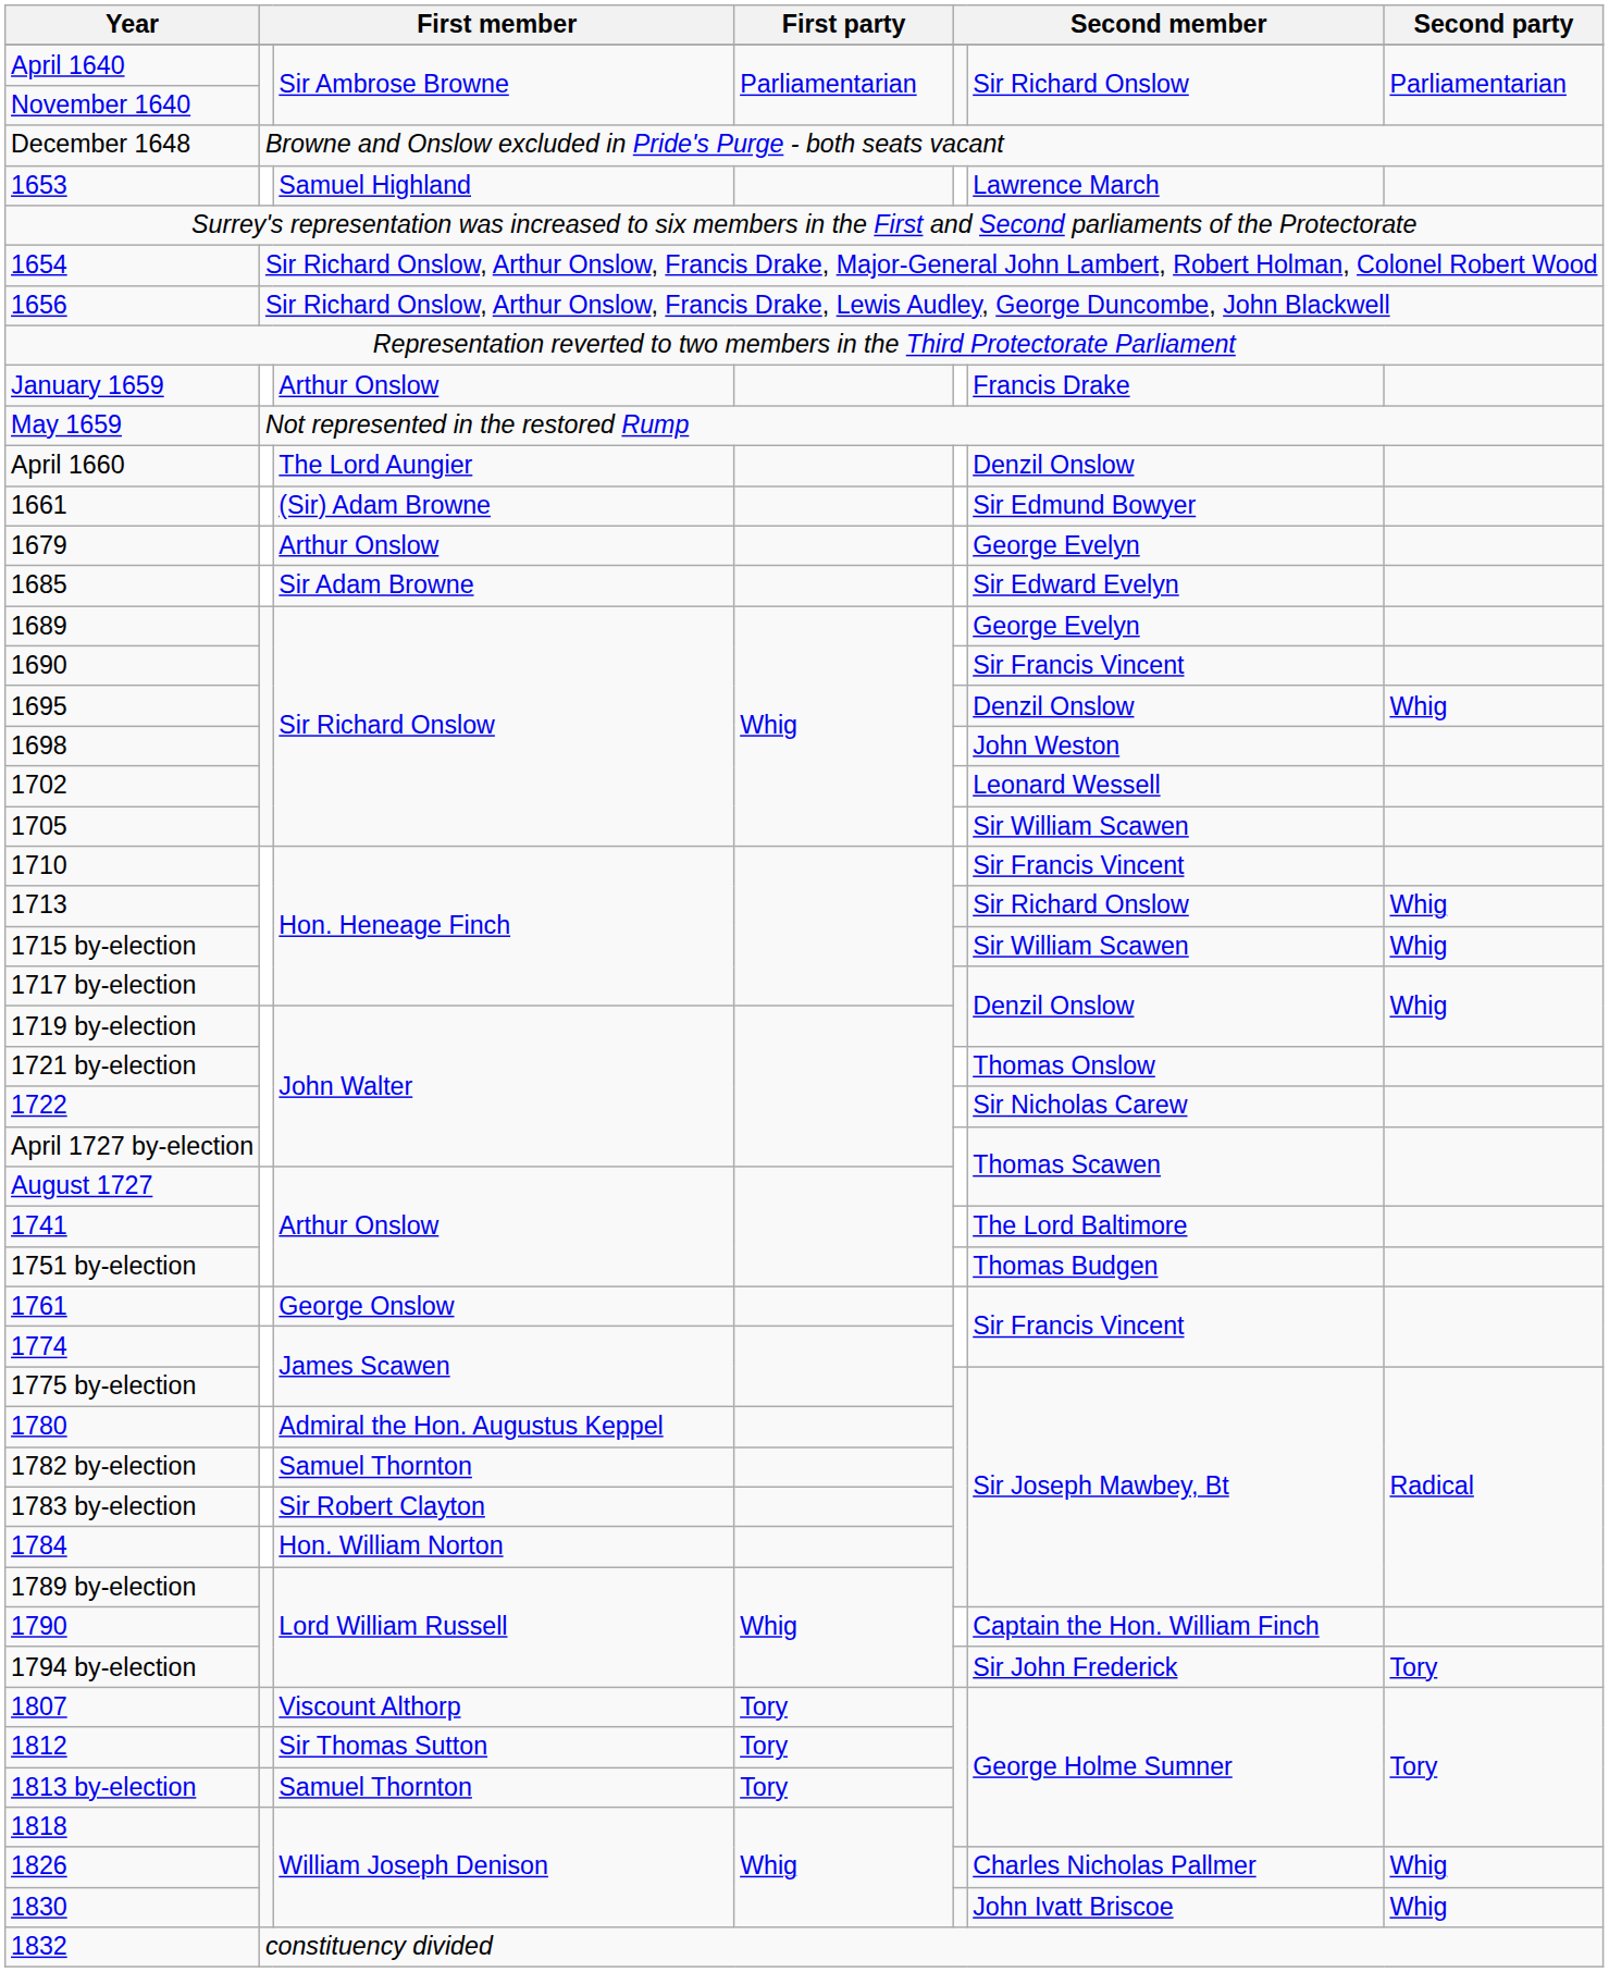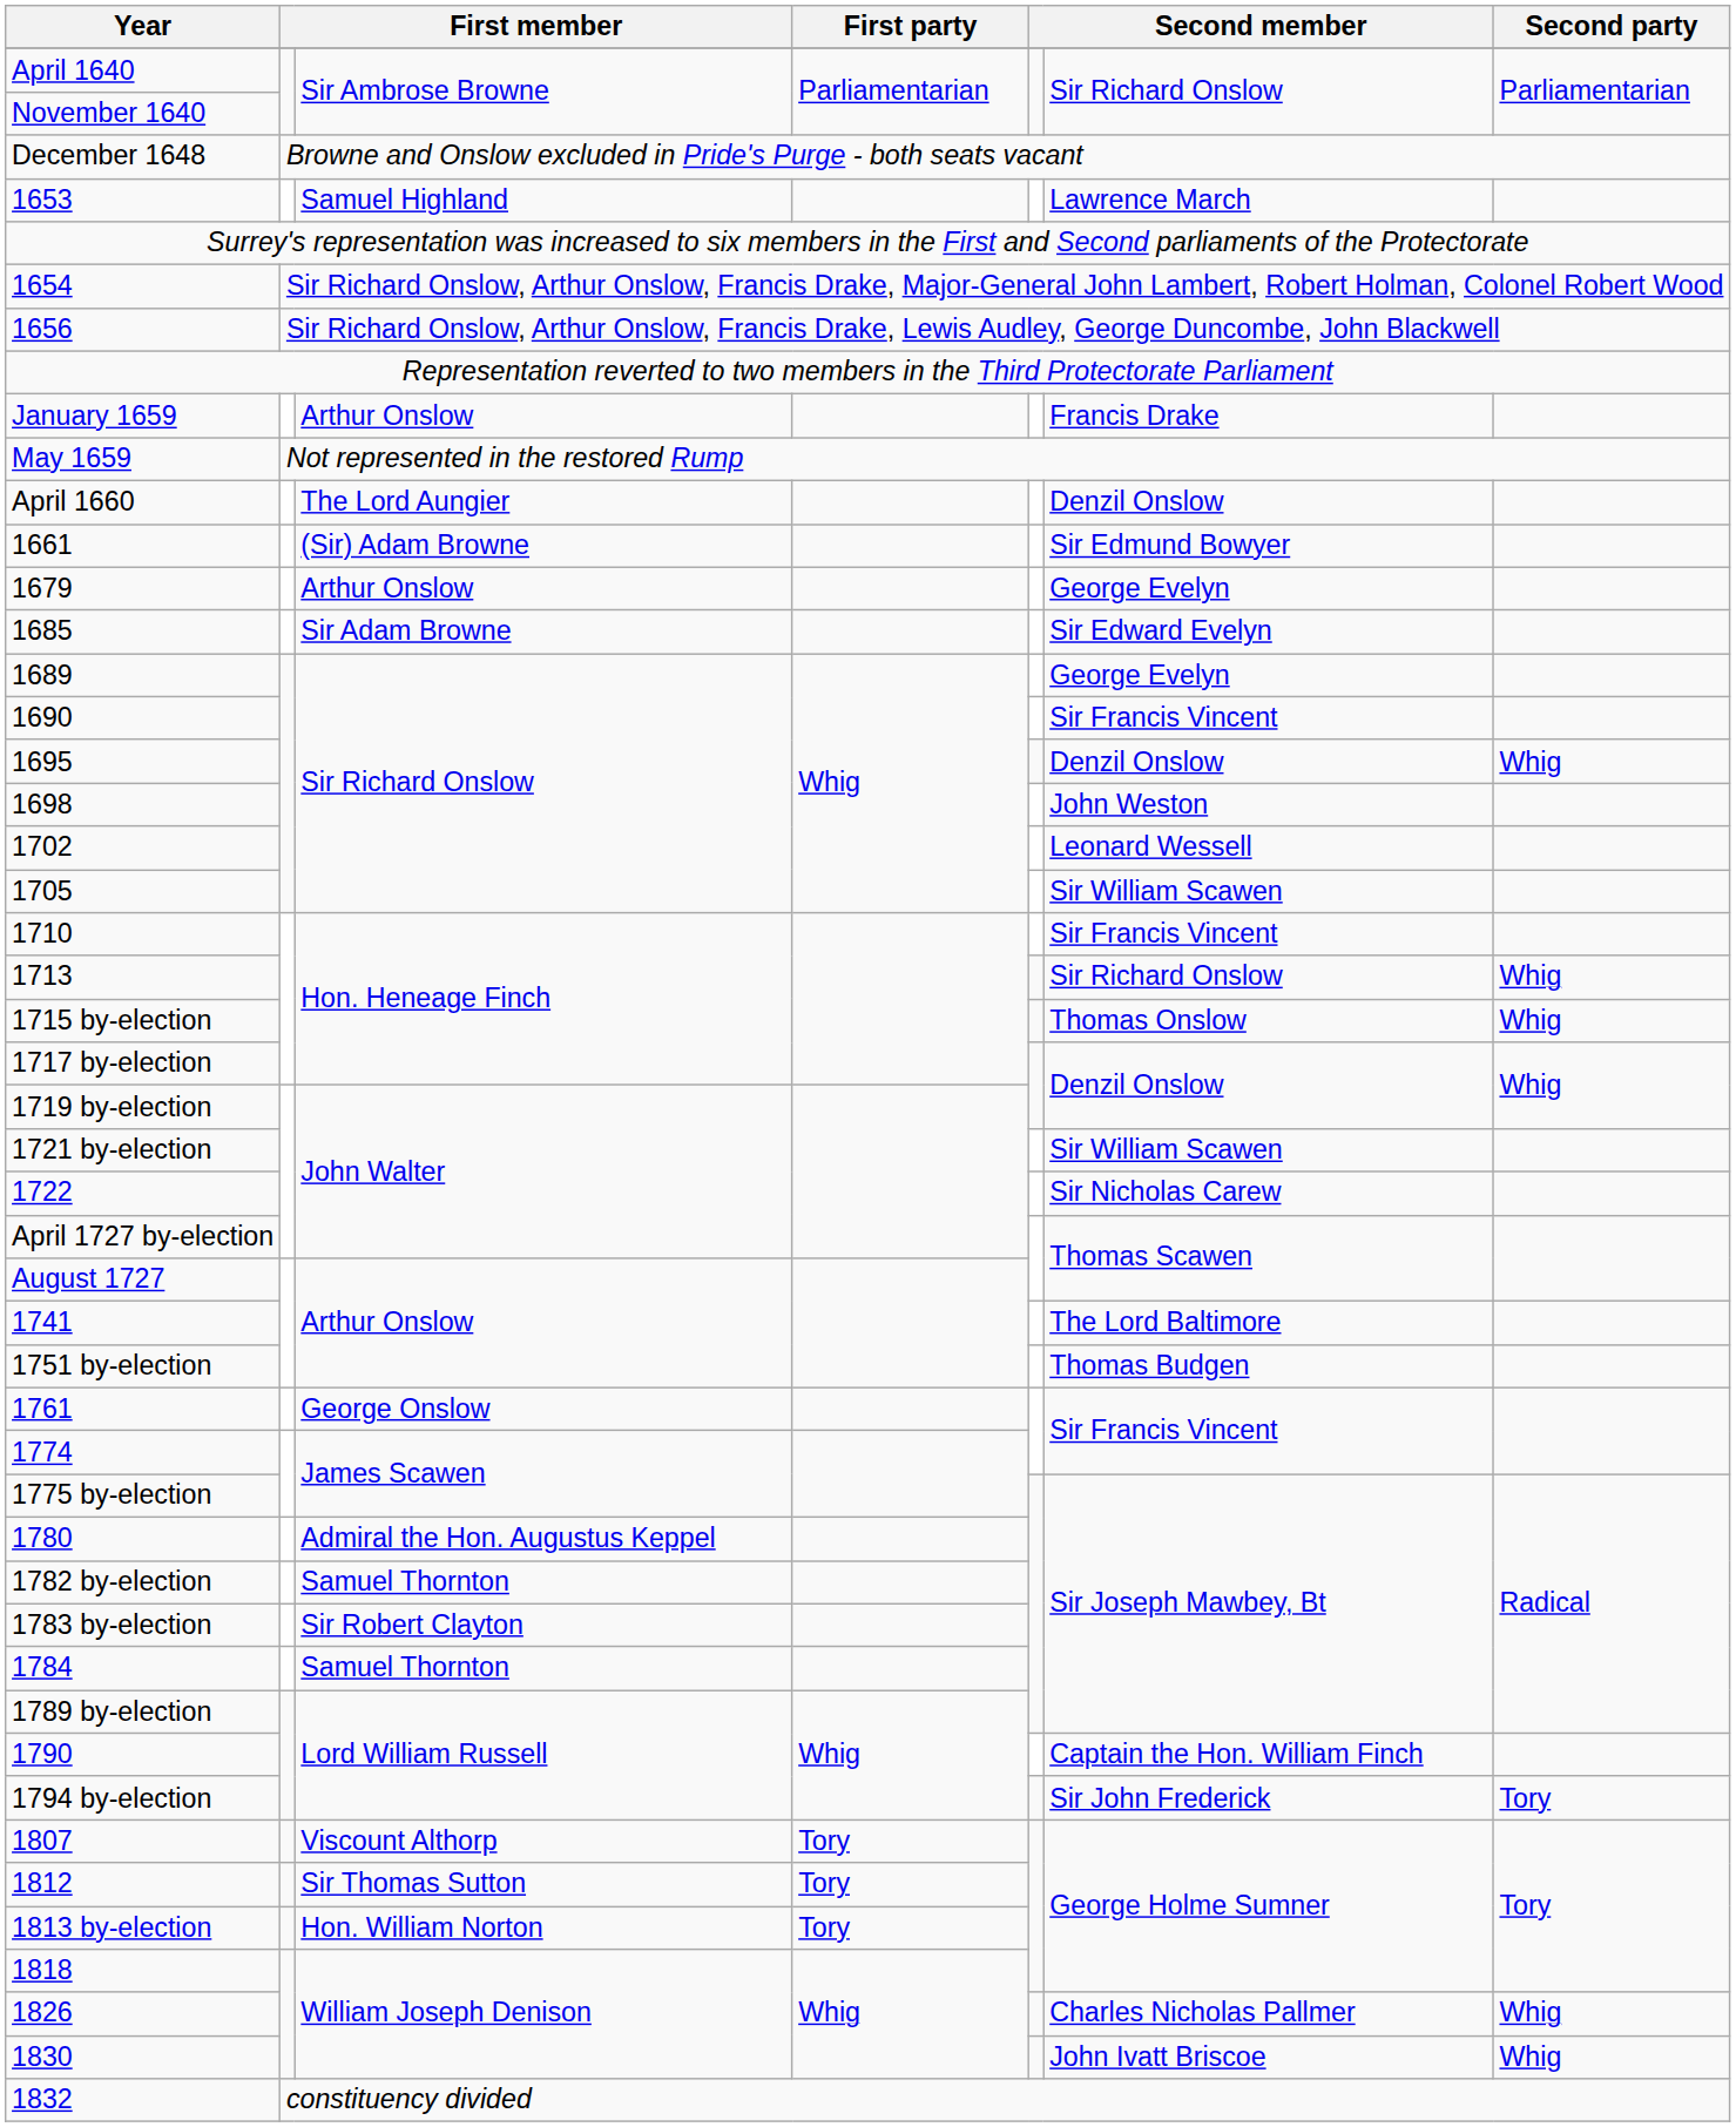 <table class="wikitable">
 <tr>
 <th>Year</th>
 <th colspan="2">First member</th>
 <th>First party</th>
 <th colspan="2">Second member</th>
 <th>Second party</th>
 </tr>
 <tr>
 </tr>
 <tr>
 <td><a href='#'>April 1640</a></td>
 <td rowspan="2" style="color:inherit;background-color: "></td>
 <td rowspan="2"><a href='#'>Sir Ambrose Browne</a></td>
 <td rowspan="2"><a href='#'>Parliamentarian</a></td>
 <td rowspan="2" style="color:inherit;background-color: "></td>
 <td rowspan="2"><a href='#'>Sir Richard Onslow</a></td>
 <td rowspan="2"><a href='#'>Parliamentarian</a></td>
 </tr>
 <tr>
 <td><a href='#'>November 1640</a></td>
 </tr>
 <tr>
 <td>December 1648</td>
 <td colspan="6"><em>Browne and Onslow excluded in <a href='#'>Pride's Purge</a> - both seats vacant</em></td>
 </tr>
 <tr>
 <td><a href='#'>1653</a></td>
 <td style="color:inherit;background-color: white"></td>
 <td><a href='#'>Samuel Highland</a></td>
 <td></td>
 <td style="color:inherit;background-color: white"></td>
 <td><a href='#'>Lawrence March</a></td>
 <td></td>
 </tr>
 <tr>
 <td colspan="7" align="center"><em>Surrey's representation was increased to six members in the <a href='#'>First</a> and <a href='#'>Second</a> parliaments of the Protectorate</em></td>
 </tr>
 <tr>
 <td><a href='#'>1654</a></td>
 <td colspan="6"><a href='#'>Sir Richard Onslow</a>, <a href='#'>Arthur Onslow</a>, <a href='#'>Francis Drake</a>, <a href='#'>Major-General John Lambert</a>, <a href='#'>Robert Holman</a>, <a href='#'>Colonel Robert Wood</a></td>
 </tr>
 <tr>
 <td><a href='#'>1656</a></td>
 <td colspan="6"><a href='#'>Sir Richard Onslow</a>, <a href='#'>Arthur Onslow</a>, <a href='#'>Francis Drake</a>, <a href='#'>Lewis Audley</a>, <a href='#'>George Duncombe</a>, <a href='#'>John Blackwell</a></td>
 </tr>
 <tr>
 <td colspan="7" align="center"><em>Representation reverted to two members in the <a href='#'>Third Protectorate Parliament</a></em></td>
 </tr>
 <tr>
 <td><a href='#'>January 1659</a></td>
 <td style="color:inherit;background-color: white"></td>
 <td><a href='#'>Arthur Onslow</a></td>
 <td></td>
 <td style="color:inherit;background-color: white"></td>
 <td><a href='#'>Francis Drake</a></td>
 <td></td>
 </tr>
 <tr>
 <td><a href='#'>May 1659</a></td>
 <td colspan="6"><em>Not represented in the restored <a href='#'>Rump</a></em></td>
 </tr>
 <tr>
 <td>April 1660</td>
 <td style="color:inherit;background-color: white"></td>
 <td><a href='#'>The Lord Aungier</a></td>
 <td></td>
 <td style="color:inherit;background-color: white"></td>
 <td><a href='#'>Denzil Onslow</a></td>
 <td></td>
 </tr>
 <tr>
 <td>1661</td>
 <td style="color:inherit;background-color: white"></td>
 <td><a href='#'>(Sir) Adam Browne</a></td>
 <td></td>
 <td style="color:inherit;background-color: white"></td>
 <td><a href='#'>Sir Edmund Bowyer</a></td>
 <td></td>
 </tr>
 <tr>
 <td>1679</td>
 <td style="color:inherit;background-color: white"></td>
 <td><a href='#'>Arthur Onslow</a></td>
 <td></td>
 <td style="color:inherit;background-color: white"></td>
 <td><a href='#'>George Evelyn</a></td>
 <td></td>
 </tr>
 <tr>
 <td>1685</td>
 <td style="color:inherit;background-color: white"></td>
 <td><a href='#'>Sir Adam Browne</a></td>
 <td></td>
 <td style="color:inherit;background-color: white"></td>
 <td><a href='#'>Sir Edward Evelyn</a></td>
 <td></td>
 </tr>
 <tr>
 <td>1689</td>
 <td rowspan="6" style="color:inherit;background-color: "></td>
 <td rowspan="6"><a href='#'>Sir Richard Onslow</a></td>
 <td rowspan="6"><a href='#'>Whig</a></td>
 <td style="color:inherit;background-color: white"></td>
 <td><a href='#'>George Evelyn</a></td>
 <td></td>
 </tr>
 <tr>
 <td>1690</td>
 <td style="color:inherit;background-color: white"></td>
 <td><a href='#'>Sir Francis Vincent</a></td>
 <td></td>
 </tr>
 <tr>
 <td>1695</td>
 <td style="color:inherit;background-color: "></td>
 <td><a href='#'>Denzil Onslow</a></td>
 <td><a href='#'>Whig</a></td>
 </tr>
 <tr>
 <td>1698</td>
 <td style="color:inherit;background-color: white"></td>
 <td><a href='#'>John Weston</a></td>
 <td></td>
 </tr>
 <tr>
 <td>1702</td>
 <td style="color:inherit;background-color: white"></td>
 <td><a href='#'>Leonard Wessell</a></td>
 <td></td>
 </tr>
 <tr>
 <td>1705</td>
 <td style="color:inherit;background-color: white"></td>
 <td><a href='#'>Sir William Scawen</a></td>
 <td></td>
 </tr>
 <tr>
 <td>1710</td>
 <td rowspan="4" style="color:inherit;background-color: white"></td>
 <td rowspan="4"><a href='#'>Hon. Heneage Finch</a></td>
 <td rowspan="4"></td>
 <td style="color:inherit;background-color: white"></td>
 <td><a href='#'>Sir Francis Vincent</a></td>
 <td></td>
 </tr>
 <tr>
 <td>1713</td>
 <td style="color:inherit;background-color: "></td>
 <td><a href='#'>Sir Richard Onslow</a></td>
 <td><a href='#'>Whig</a></td>
 </tr>
 <tr>
 <td>1715 by-election</td>
 <td style="color:inherit;background-color: "></td>
-<td><a href='#'>Sir William Scawen</a></td>
+<td><a href='#'>Thomas Onslow</a></td>
 <td><a href='#'>Whig</a></td>
 </tr>
 <tr>
 <td>1717 by-election</td>
 <td rowspan="2" style="color:inherit;background-color: "></td>
 <td rowspan="2"><a href='#'>Denzil Onslow</a></td>
 <td rowspan="2"><a href='#'>Whig</a></td>
 </tr>
 <tr>
 <td>1719 by-election</td>
 <td rowspan="4" style="color:inherit;background-color: white"></td>
 <td rowspan="4"><a href='#'>John Walter</a></td>
 <td rowspan="4"></td>
 </tr>
 <tr>
 <td>1721 by-election</td>
 <td style="color:inherit;background-color: white"></td>
-<td><a href='#'>Thomas Onslow</a></td>
+<td><a href='#'>Sir William Scawen</a></td>
 <td></td>
 </tr>
 <tr>
 <td><a href='#'>1722</a></td>
 <td style="color:inherit;background-color: white"></td>
 <td><a href='#'>Sir Nicholas Carew</a></td>
 <td></td>
 </tr>
 <tr>
 <td>April 1727 by-election</td>
 <td rowspan="2" style="color:inherit;background-color: white"></td>
 <td rowspan="2"><a href='#'>Thomas Scawen</a></td>
 <td rowspan="2"></td>
 </tr>
 <tr>
 <td><a href='#'>August 1727</a></td>
 <td rowspan="3" style="color:inherit;background-color: white"></td>
 <td rowspan="3"><a href='#'>Arthur Onslow</a></td>
 <td rowspan="3"></td>
 </tr>
 <tr>
 <td><a href='#'>1741</a></td>
 <td style="color:inherit;background-color: white"></td>
 <td><a href='#'>The Lord Baltimore</a></td>
 <td></td>
 </tr>
 <tr>
 <td>1751 by-election</td>
 <td style="color:inherit;background-color: white"></td>
 <td><a href='#'>Thomas Budgen</a></td>
 <td></td>
 </tr>
 <tr>
 <td><a href='#'>1761</a></td>
 <td style="color:inherit;background-color: white"></td>
 <td><a href='#'>George Onslow</a></td>
 <td></td>
 <td rowspan="2" style="color:inherit;background-color: white"></td>
 <td rowspan="2"><a href='#'>Sir Francis Vincent</a></td>
 <td rowspan="2"></td>
 </tr>
 <tr>
 <td><a href='#'>1774</a></td>
 <td rowspan="2" style="color:inherit;background-color: white"></td>
 <td rowspan="2"><a href='#'>James Scawen</a></td>
 <td rowspan="2"></td>
 </tr>
 <tr>
 <td>1775 by-election</td>
 <td rowspan="6" style="color:inherit;background-color: "></td>
 <td rowspan="6"><a href='#'>Sir Joseph Mawbey, Bt</a></td>
 <td rowspan="6"><a href='#'>Radical</a></td>
 </tr>
 <tr>
 <td><a href='#'>1780</a></td>
 <td style="color:inherit;background-color: white"></td>
 <td><a href='#'>Admiral the Hon. Augustus Keppel</a></td>
 <td></td>
 </tr>
 <tr>
 <td>1782 by-election</td>
 <td style="color:inherit;background-color: white"></td>
 <td><a href='#'>Samuel Thornton</a></td>
 <td></td>
 </tr>
 <tr>
 <td>1783 by-election</td>
 <td style="color:inherit;background-color: white"></td>
 <td><a href='#'>Sir Robert Clayton</a></td>
 <td></td>
 </tr>
 <tr>
 <td><a href='#'>1784</a></td>
 <td style="color:inherit;background-color: white"></td>
-<td><a href='#'>Hon. William Norton</a></td>
+<td><a href='#'>Samuel Thornton</a></td>
 <td></td>
 </tr>
 <tr>
 <td>1789 by-election</td>
 <td rowspan="3" style="color:inherit;background-color: "></td>
 <td rowspan="3"><a href='#'>Lord William Russell</a></td>
 <td rowspan="3"><a href='#'>Whig</a></td>
 </tr>
 <tr>
 <td><a href='#'>1790</a></td>
 <td style="color:inherit;background-color: white"></td>
 <td><a href='#'>Captain the Hon. William Finch</a></td>
 <td></td>
 </tr>
 <tr>
 <td>1794 by-election</td>
 <td style="color:inherit;background-color: "></td>
 <td><a href='#'>Sir John Frederick</a></td>
 <td><a href='#'>Tory</a></td>
 </tr>
 <tr>
 <td><a href='#'>1807</a></td>
 <td style="color:inherit;background-color: "></td>
 <td><a href='#'>Viscount Althorp</a></td>
 <td><a href='#'>Tory</a></td>
 <td rowspan="4" style="color:inherit;background-color: "></td>
 <td rowspan="4"><a href='#'>George Holme Sumner</a></td>
 <td rowspan="4"><a href='#'>Tory</a></td>
 </tr>
 <tr>
 <td><a href='#'>1812</a></td>
 <td style="color:inherit;background-color: "></td>
 <td><a href='#'>Sir Thomas Sutton</a></td>
 <td><a href='#'>Tory</a></td>
 </tr>
 <tr>
 <td><a href='#'>1813 by-election</a></td>
 <td style="color:inherit;background-color: "></td>
-<td><a href='#'>Samuel Thornton</a></td>
+<td><a href='#'>Hon. William Norton</a></td>
 <td><a href='#'>Tory</a></td>
 </tr>
 <tr>
 <td><a href='#'>1818</a></td>
 <td rowspan="3" style="color:inherit;background-color: "></td>
 <td rowspan="3"><a href='#'>William Joseph Denison</a></td>
 <td rowspan="3"><a href='#'>Whig</a></td>
 </tr>
 <tr>
 <td><a href='#'>1826</a></td>
 <td style="color:inherit;background-color: "></td>
 <td><a href='#'>Charles Nicholas Pallmer</a></td>
 <td><a href='#'>Whig</a></td>
 </tr>
 <tr>
 <td><a href='#'>1830</a></td>
 <td style="color:inherit;background-color: "></td>
 <td><a href='#'>John Ivatt Briscoe</a></td>
 <td><a href='#'>Whig</a></td>
 </tr>
 <tr>
 <td><a href='#'>1832</a></td>
 <td colspan="6"><em>constituency divided</em></td>
 </tr>
 </table>
